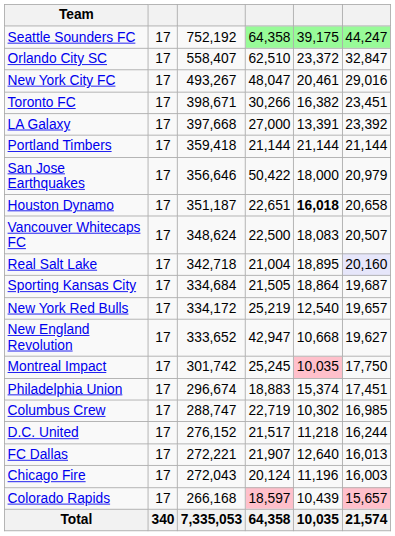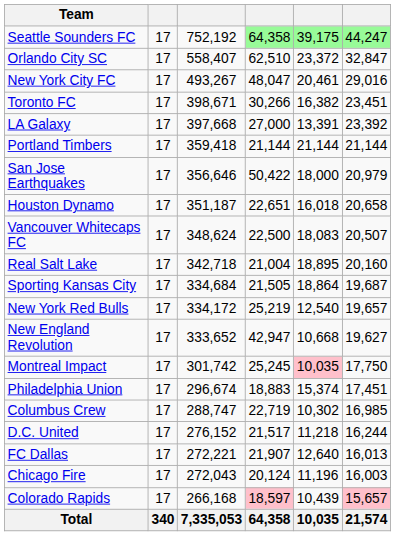 <table class="wikitable sortable">
 <tr>
 <th width=160>Team</th>
 <th></th>
 <th width=45></th>
 <th width=45></th>
 <th width=45></th>
 <th width=45><br></th>
 </tr>
 <tr>
 <td><a href='#'>Seattle Sounders FC</a></td>
 <td align=center>17</td>
 <td align=center>752,192</td>
 <td style="text-align:center; background:#98fb98;">64,358</td>
 <td style="text-align:center; background:#98fb98;">39,175</td>
 <td style="text-align:center; background:#98fb98;">44,247</td>
 </tr>
 <tr>
 <td><a href='#'>Orlando City SC</a></td>
 <td align=center>17</td>
 <td align=center>558,407</td>
 <td align=center>62,510</td>
 <td style="text-align:center;">23,372</td>
 <td style="text-align:center;">32,847</td>
 </tr>
 <tr>
 <td><a href='#'>New York City FC</a></td>
 <td align=center>17</td>
 <td align=center>493,267</td>
 <td align=center>48,047</td>
 <td style="text-align:center;">20,461</td>
 <td style="text-align:center;">29,016</td>
 </tr>
 <tr>
 <td><a href='#'>Toronto FC</a></td>
 <td align=center>17</td>
 <td align=center>398,671</td>
 <td align=center>30,266</td>
 <td style="text-align:center;">16,382</td>
 <td style="text-align:center;">23,451</td>
 </tr>
 <tr>
 <td><a href='#'>LA Galaxy</a></td>
 <td align=center>17</td>
 <td align=center>397,668</td>
 <td align=center>27,000</td>
 <td style="text-align:center;">13,391</td>
 <td style="text-align:center;">23,392</td>
 </tr>
 <tr>
 <td><a href='#'>Portland Timbers</a></td>
 <td align=center>17</td>
 <td align=center>359,418</td>
 <td align=center>21,144</td>
 <td style="text-align:center;">21,144</td>
 <td align=center>21,144</td>
 </tr>
 <tr>
 <td><a href='#'>San Jose Earthquakes</a></td>
 <td align=center>17</td>
 <td align=center>356,646</td>
 <td align=center>50,422</td>
 <td style="text-align:center;">18,000</td>
 <td style="text-align:center;">20,979</td>
 </tr>
 <tr>
 <td><a href='#'>Houston Dynamo</a></td>
 <td align=center>17</td>
 <td align=center>351,187</td>
 <td align=center>22,651</td>
-<td style="text-align:center;"><strong>16,018</strong></td>
+<td style="text-align:center;">16,018</td>
 <td align=center>20,658</td>
 </tr>
 <tr>
 <td><a href='#'>Vancouver Whitecaps FC</a></td>
 <td align=center>17</td>
 <td align=center>348,624</td>
 <td align=center>22,500</td>
 <td align=center>18,083</td>
 <td style="text-align:center;">20,507</td>
 </tr>
 <tr>
 <td><a href='#'>Real Salt Lake</a></td>
 <td align=center>17</td>
 <td align=center>342,718</td>
 <td align=center>21,004</td>
 <td style="text-align:center;">18,895</td>
-<td style="background: lavender; text-align:center;">20,160</td>
+<td style="text-align:center;">20,160</td>
 </tr>
 <tr>
 <td><a href='#'>Sporting Kansas City</a></td>
 <td align=center>17</td>
 <td align=center>334,684</td>
 <td align=center>21,505</td>
 <td style="text-align:center;">18,864</td>
 <td style="text-align:center;">19,687</td>
 </tr>
 <tr>
 <td><a href='#'>New York Red Bulls</a></td>
 <td align=center>17</td>
 <td align=center>334,172</td>
 <td align=center>25,219</td>
 <td style="text-align:center;">12,540</td>
 <td style="text-align:center;">19,657</td>
 </tr>
 <tr>
 <td><a href='#'>New England Revolution</a></td>
 <td align=center>17</td>
 <td align=center>333,652</td>
 <td align=center>42,947</td>
 <td style="text-align:center;">10,668</td>
 <td align=center>19,627</td>
 </tr>
 <tr>
 <td><a href='#'>Montreal Impact</a></td>
 <td align=center>17</td>
 <td align=center>301,742</td>
 <td align=center>25,245</td>
 <td style="text-align:center; background:pink;">10,035</td>
 <td style="text-align:center;">17,750</td>
 </tr>
 <tr>
 <td><a href='#'>Philadelphia Union</a></td>
 <td align=center>17</td>
 <td align=center>296,674</td>
 <td align=center>18,883</td>
 <td style="text-align:center;">15,374</td>
 <td style="text-align:center;">17,451</td>
 </tr>
 <tr>
 <td><a href='#'>Columbus Crew</a></td>
 <td align=center>17</td>
 <td align=center>288,747</td>
 <td align=center>22,719</td>
 <td style="text-align:center;">10,302</td>
 <td style="text-align:center;">16,985</td>
 </tr>
 <tr>
 <td><a href='#'>D.C. United</a></td>
 <td align=center>17</td>
 <td align=center>276,152</td>
 <td align=center>21,517</td>
 <td style="text-align:center;">11,218</td>
 <td style="text-align:center;">16,244</td>
 </tr>
 <tr>
 <td><a href='#'>FC Dallas</a></td>
 <td align=center>17</td>
 <td align=center>272,221</td>
 <td align=center>21,907</td>
 <td style="text-align:center;">12,640</td>
 <td style="text-align:center;">16,013</td>
 </tr>
 <tr>
 <td><a href='#'>Chicago Fire</a></td>
 <td align=center>17</td>
 <td align=center>272,043</td>
 <td align=center>20,124</td>
 <td style="text-align:center;">11,196</td>
 <td style="text-align:center;">16,003</td>
 </tr>
 <tr>
 <td><a href='#'>Colorado Rapids</a></td>
 <td align=center>17</td>
 <td align=center>266,168</td>
 <td style="text-align:center; background:pink;">18,597</td>
 <td style="text-align:center;">10,439</td>
 <td style="text-align:center; background:pink;">15,657</td>
 </tr>
 <tr>
 <th>Total</th>
 <th style="text-align:center;">340</th>
 <th align=center>7,335,053</th>
 <th align=center>64,358</th>
 <th style="text-align:center;">10,035</th>
 <th style="text-align:center;">21,574</th>
 </tr>
 </table>
